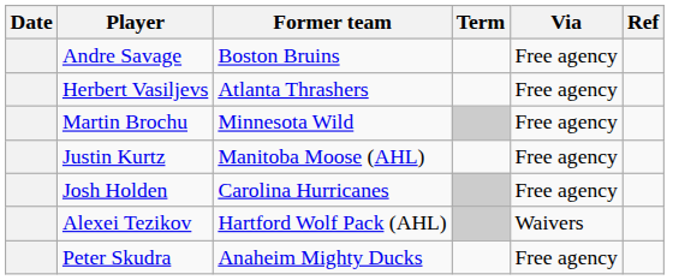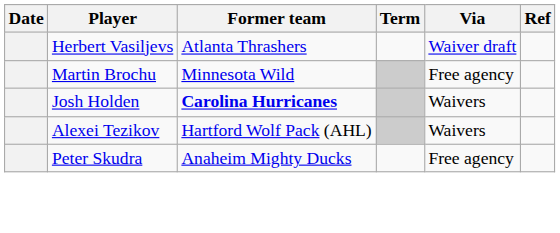 <table class="wikitable plainrowheaders">
 <tr style="background:#ddd; text-align:center;">
 <th>Date</th>
 <th>Player</th>
 <th>Former team</th>
 <th>Term</th>
 <th>Via</th>
 <th>Ref</th>
 </tr>
 <tr>
 <th scope="row"></th>
-<td><a href='#'>Andre Savage</a></td>
-<td><a href='#'>Boston Bruins</a></td>
-<td></td>
-<td>Free agency</td>
-<td></td>
-</tr>
-<tr>
-<th scope="row"></th>
 <td><a href='#'>Herbert Vasiljevs</a></td>
 <td><a href='#'>Atlanta Thrashers</a></td>
 <td></td>
-<td>Free agency</td>
+<td><a href='#'>Waiver draft</a></td>
 <td></td>
 </tr>
 <tr>
 <th scope="row"></th>
 <td><a href='#'>Martin Brochu</a></td>
 <td><a href='#'>Minnesota Wild</a></td>
 <td style="background:#ccc"></td>
 <td>Free agency</td>
 <td></td>
 </tr>
 <tr>
 <th scope="row"></th>
-<td><a href='#'>Justin Kurtz</a></td>
-<td><a href='#'>Manitoba Moose</a> (<a href='#'>AHL</a>)</td>
-<td></td>
-<td>Free agency</td>
-<td></td>
-</tr>
-<tr>
-<th scope="row"></th>
 <td><a href='#'>Josh Holden</a></td>
-<td><a href='#'>Carolina Hurricanes</a></td>
+<td><strong><a href='#'>Carolina Hurricanes</a></strong></td>
 <td style="background:#ccc"></td>
-<td>Free agency</td>
+<td>Waivers</td>
 <td></td>
 </tr>
 <tr>
 <th scope="row"></th>
 <td><a href='#'>Alexei Tezikov</a></td>
 <td><a href='#'>Hartford Wolf Pack</a> (AHL)</td>
 <td style="background:#ccc"></td>
 <td>Waivers</td>
 <td></td>
 </tr>
 <tr>
 <th scope="row"></th>
 <td><a href='#'>Peter Skudra</a></td>
 <td><a href='#'>Anaheim Mighty Ducks</a></td>
 <td></td>
 <td>Free agency</td>
 <td></td>
 </tr>
 </table>
